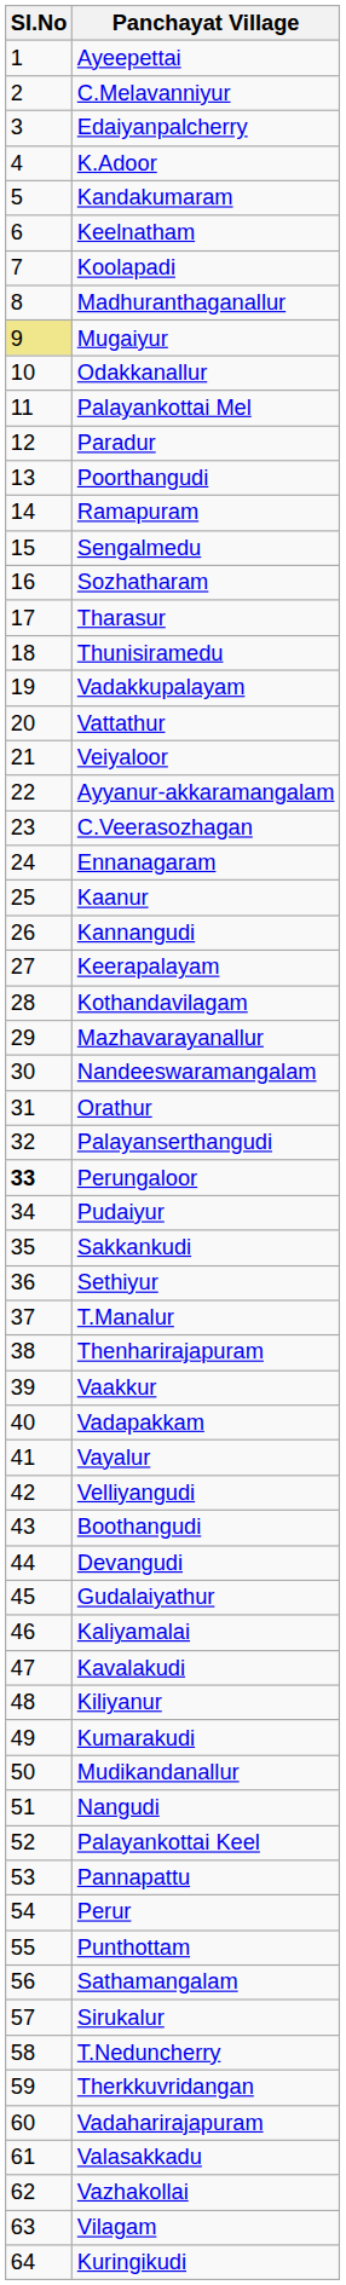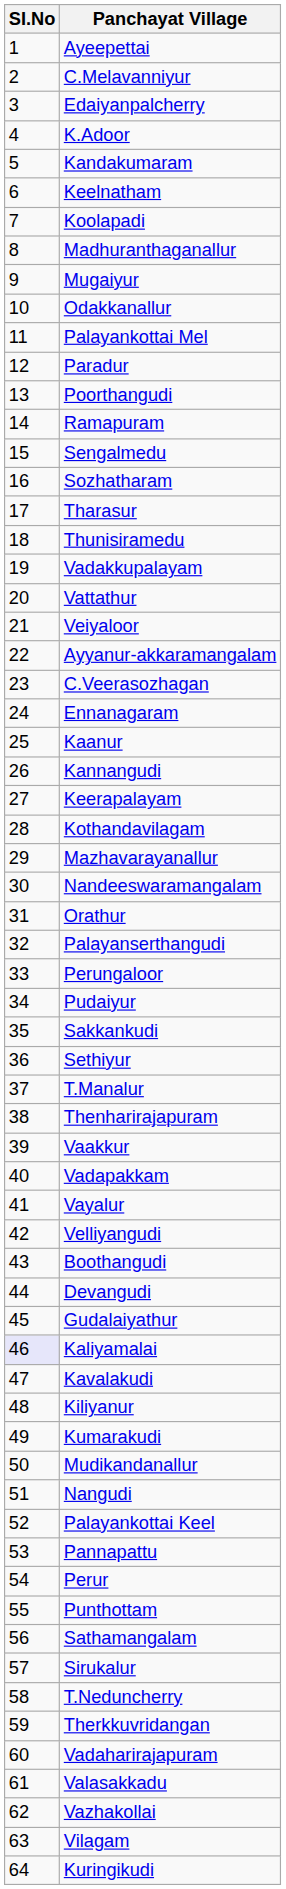 <table class="wikitable sortable">
 <tr>
 <th>SI.No</th>
 <th>Panchayat Village</th>
 </tr>
 <tr>
 <td>1</td>
 <td><a href='#'>Ayeepettai</a></td>
 </tr>
 <tr>
 <td>2</td>
 <td><a href='#'>C.Melavanniyur</a></td>
 </tr>
 <tr>
 <td>3</td>
 <td><a href='#'>Edaiyanpalcherry</a></td>
 </tr>
 <tr>
 <td>4</td>
 <td><a href='#'>K.Adoor</a></td>
 </tr>
 <tr>
 <td>5</td>
 <td><a href='#'>Kandakumaram</a></td>
 </tr>
 <tr>
 <td>6</td>
 <td><a href='#'>Keelnatham</a></td>
 </tr>
 <tr>
 <td>7</td>
 <td><a href='#'>Koolapadi</a></td>
 </tr>
 <tr>
 <td>8</td>
 <td><a href='#'>Madhuranthaganallur</a></td>
 </tr>
 <tr>
-<td style="background: khaki;">9</td>
+<td>9</td>
 <td><a href='#'>Mugaiyur</a></td>
 </tr>
 <tr>
 <td>10</td>
 <td><a href='#'>Odakkanallur</a></td>
 </tr>
 <tr>
 <td>11</td>
 <td><a href='#'>Palayankottai Mel</a></td>
 </tr>
 <tr>
 <td>12</td>
 <td><a href='#'>Paradur</a></td>
 </tr>
 <tr>
 <td>13</td>
 <td><a href='#'>Poorthangudi</a></td>
 </tr>
 <tr>
 <td>14</td>
 <td><a href='#'>Ramapuram</a></td>
 </tr>
 <tr>
 <td>15</td>
 <td><a href='#'>Sengalmedu</a></td>
 </tr>
 <tr>
 <td>16</td>
 <td><a href='#'>Sozhatharam</a></td>
 </tr>
 <tr>
 <td>17</td>
 <td><a href='#'>Tharasur</a></td>
 </tr>
 <tr>
 <td>18</td>
 <td><a href='#'>Thunisiramedu</a></td>
 </tr>
 <tr>
 <td>19</td>
 <td><a href='#'>Vadakkupalayam</a></td>
 </tr>
 <tr>
 <td>20</td>
 <td><a href='#'>Vattathur</a></td>
 </tr>
 <tr>
 <td>21</td>
 <td><a href='#'>Veiyaloor</a></td>
 </tr>
 <tr>
 <td>22</td>
 <td><a href='#'>Ayyanur-akkaramangalam</a></td>
 </tr>
 <tr>
 <td>23</td>
 <td><a href='#'>C.Veerasozhagan</a></td>
 </tr>
 <tr>
 <td>24</td>
 <td><a href='#'>Ennanagaram</a></td>
 </tr>
 <tr>
 <td>25</td>
 <td><a href='#'>Kaanur</a></td>
 </tr>
 <tr>
 <td>26</td>
 <td><a href='#'>Kannangudi</a></td>
 </tr>
 <tr>
 <td>27</td>
 <td><a href='#'>Keerapalayam</a></td>
 </tr>
 <tr>
 <td>28</td>
 <td><a href='#'>Kothandavilagam</a></td>
 </tr>
 <tr>
 <td>29</td>
 <td><a href='#'>Mazhavarayanallur</a></td>
 </tr>
 <tr>
 <td>30</td>
 <td><a href='#'>Nandeeswaramangalam</a></td>
 </tr>
 <tr>
 <td>31</td>
 <td><a href='#'>Orathur</a></td>
 </tr>
 <tr>
 <td>32</td>
 <td><a href='#'>Palayanserthangudi</a></td>
 </tr>
 <tr>
-<td><strong>33</strong></td>
+<td>33</td>
 <td><a href='#'>Perungaloor</a></td>
 </tr>
 <tr>
 <td>34</td>
 <td><a href='#'>Pudaiyur</a></td>
 </tr>
 <tr>
 <td>35</td>
 <td><a href='#'>Sakkankudi</a></td>
 </tr>
 <tr>
 <td>36</td>
 <td><a href='#'>Sethiyur</a></td>
 </tr>
 <tr>
 <td>37</td>
 <td><a href='#'>T.Manalur</a></td>
 </tr>
 <tr>
 <td>38</td>
 <td><a href='#'>Thenharirajapuram</a></td>
 </tr>
 <tr>
 <td>39</td>
 <td><a href='#'>Vaakkur</a></td>
 </tr>
 <tr>
 <td>40</td>
 <td><a href='#'>Vadapakkam</a></td>
 </tr>
 <tr>
 <td>41</td>
 <td><a href='#'>Vayalur</a></td>
 </tr>
 <tr>
 <td>42</td>
 <td><a href='#'>Velliyangudi</a></td>
 </tr>
 <tr>
 <td>43</td>
 <td><a href='#'>Boothangudi</a></td>
 </tr>
 <tr>
 <td>44</td>
 <td><a href='#'>Devangudi</a></td>
 </tr>
 <tr>
 <td>45</td>
 <td><a href='#'>Gudalaiyathur</a></td>
 </tr>
 <tr>
-<td>46</td>
+<td style="background: lavender;">46</td>
 <td><a href='#'>Kaliyamalai</a></td>
 </tr>
 <tr>
 <td>47</td>
 <td><a href='#'>Kavalakudi</a></td>
 </tr>
 <tr>
 <td>48</td>
 <td><a href='#'>Kiliyanur</a></td>
 </tr>
 <tr>
 <td>49</td>
 <td><a href='#'>Kumarakudi</a></td>
 </tr>
 <tr>
 <td>50</td>
 <td><a href='#'>Mudikandanallur</a></td>
 </tr>
 <tr>
 <td>51</td>
 <td><a href='#'>Nangudi</a></td>
 </tr>
 <tr>
 <td>52</td>
 <td><a href='#'>Palayankottai Keel</a></td>
 </tr>
 <tr>
 <td>53</td>
 <td><a href='#'>Pannapattu</a></td>
 </tr>
 <tr>
 <td>54</td>
 <td><a href='#'>Perur</a></td>
 </tr>
 <tr>
 <td>55</td>
 <td><a href='#'>Punthottam</a></td>
 </tr>
 <tr>
 <td>56</td>
 <td><a href='#'>Sathamangalam</a></td>
 </tr>
 <tr>
 <td>57</td>
 <td><a href='#'>Sirukalur</a></td>
 </tr>
 <tr>
 <td>58</td>
 <td><a href='#'>T.Neduncherry</a></td>
 </tr>
 <tr>
 <td>59</td>
 <td><a href='#'>Therkkuvridangan</a></td>
 </tr>
 <tr>
 <td>60</td>
 <td><a href='#'>Vadaharirajapuram</a></td>
 </tr>
 <tr>
 <td>61</td>
 <td><a href='#'>Valasakkadu</a></td>
 </tr>
 <tr>
 <td>62</td>
 <td><a href='#'>Vazhakollai</a></td>
 </tr>
 <tr>
 <td>63</td>
 <td><a href='#'>Vilagam</a></td>
 </tr>
 <tr>
 <td>64</td>
 <td><a href='#'>Kuringikudi</a></td>
 </tr>
 </table>
